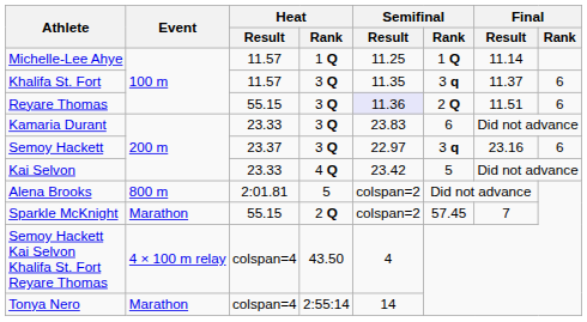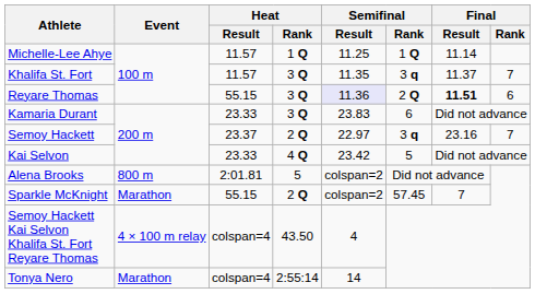 <table class="wikitable" style="font-size:90%">
 <tr>
 <th rowspan=2>Athlete</th>
 <th rowspan=2>Event</th>
 <th colspan=2>Heat</th>
 <th colspan=2>Semifinal</th>
 <th colspan=2>Final</th>
 </tr>
 <tr style="font-size:95%">
 <th>Result</th>
 <th>Rank</th>
 <th>Result</th>
 <th>Rank</th>
 <th>Result</th>
 <th>Rank</th>
 </tr>
 <tr align=center>
 <td align=left><a href='#'>Michelle-Lee Ahye</a></td>
 <td align=left rowspan=3><a href='#'>100 m</a></td>
 <td>11.57</td>
 <td>1 <strong>Q</strong></td>
 <td>11.25</td>
 <td>1 <strong>Q</strong></td>
 <td>11.14</td>
 <td></td>
 </tr>
 <tr align=center>
 <td align=left><a href='#'>Khalifa St. Fort</a></td>
 <td>11.57</td>
 <td>3 <strong>Q</strong></td>
 <td>11.35</td>
 <td>3 <strong>q</strong></td>
 <td>11.37</td>
-<td>6</td>
+<td>7</td>
 </tr>
 <tr align=center>
 <td align=left><a href='#'>Reyare Thomas</a></td>
 <td>55.15</td>
 <td>3 <strong>Q</strong></td>
 <td style="background: lavender;">11.36</td>
 <td>2 <strong>Q</strong></td>
-<td>11.51</td>
+<td><strong>11.51</strong></td>
 <td>6</td>
 </tr>
 <tr align=center>
 <td align=left><a href='#'>Kamaria Durant</a></td>
 <td align=left rowspan=3><a href='#'>200 m</a></td>
 <td>23.33</td>
 <td>3 <strong>Q</strong></td>
 <td>23.83</td>
 <td>6</td>
 <td colspan=4>Did not advance</td>
 </tr>
 <tr align=center>
 <td align=left><a href='#'>Semoy Hackett</a></td>
 <td>23.37</td>
-<td>3 <strong>Q</strong></td>
+<td>2 <strong>Q</strong></td>
 <td>22.97</td>
 <td>3 <strong>q</strong></td>
 <td>23.16</td>
-<td>6</td>
+<td>7</td>
 </tr>
 <tr align=center>
 <td align=left><a href='#'>Kai Selvon</a></td>
 <td>23.33</td>
 <td>4 <strong>Q</strong></td>
 <td>23.42</td>
 <td>5</td>
 <td colspan=2>Did not advance</td>
 </tr>
 <tr align=center>
 <td align=left><a href='#'>Alena Brooks</a></td>
 <td align=left><a href='#'>800 m</a></td>
 <td>2:01.81</td>
 <td>5</td>
 <td>colspan=2 </td>
 <td colspan=2>Did not advance</td>
 </tr>
 <tr align=center>
 <td align=left><a href='#'>Sparkle McKnight</a></td>
 <td align=left><a href='#'>Marathon</a></td>
 <td>55.15</td>
 <td>2 <strong>Q</strong></td>
 <td>colspan=2 </td>
 <td>57.45</td>
 <td>7</td>
 </tr>
 <tr align=center>
 <td align=left><a href='#'>Semoy Hackett</a><br><a href='#'>Kai Selvon</a><br><a href='#'>Khalifa St. Fort</a><br><a href='#'>Reyare Thomas</a></td>
 <td align=left><a href='#'>4 × 100 m relay</a></td>
 <td>colspan=4 </td>
 <td>43.50</td>
 <td>4</td>
 </tr>
 <tr align=center>
 <td align=left><a href='#'>Tonya Nero</a></td>
 <td align=left><a href='#'>Marathon</a></td>
 <td>colspan=4 </td>
 <td>2:55:14</td>
 <td>14</td>
 </tr>
 </table>
